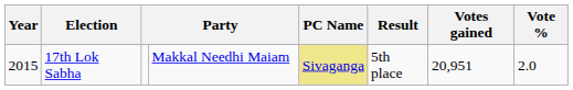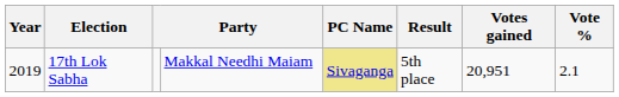 <table class="wikitable">
 <tr>
 <th>Year</th>
 <th>Election</th>
 <th colspan="2">Party</th>
 <th>PC Name</th>
 <th>Result</th>
 <th>Votes gained</th>
 <th>Vote %</th>
 </tr>
 <tr>
-<td>2015</td>
+<td>2019</td>
 <td><a href='#'>17th Lok Sabha</a></td>
 <td style="background-color: "></td>
 <td><a href='#'>Makkal Needhi Maiam </a> </td>
 <td style="background: khaki;"><a href='#'>Sivaganga</a></td>
 <td>5th place</td>
 <td>20,951</td>
-<td>2.0</td>
+<td>2.1</td>
 </tr>
 </table>
